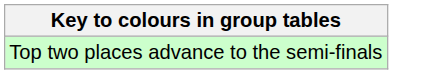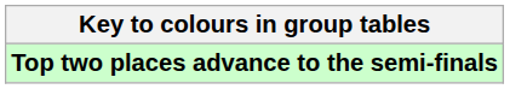 <table class="wikitable">
 <tr>
 <th>Key to colours in group tables</th>
 </tr>
 <tr bgcolor=#ccffcc>
-<td>Top two places advance to the semi-finals</td>
+<td><strong>Top two places advance to the semi-finals</strong></td>
 </tr>
 </table>
